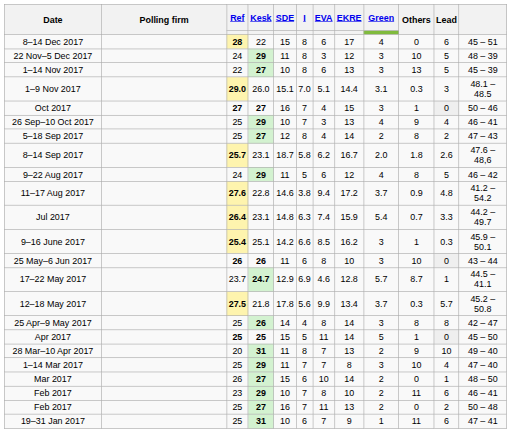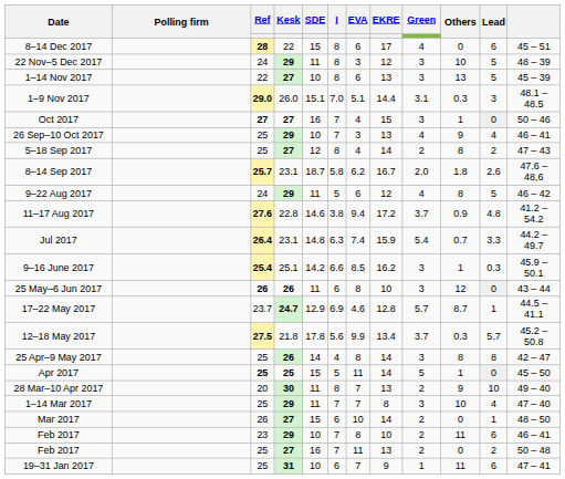 <table class="wikitable" style="text-align:center; font-size:90%; line-height:16px;">
 <tr style="height:42px;">
 <th style="width:150px;" rowspan="2">Date</th>
 <th style="width:195px;" rowspan="2">Polling firm</th>
 <th><a href='#'><span>Ref</span></a></th>
 <th><a href='#'><span>Kesk</span></a></th>
 <th><a href='#'><span>SDE</span></a></th>
 <th><a href='#'><span>I</span></a></th>
 <th><a href='#'><span>EVA</span></a></th>
 <th><a href='#'><span>EKRE</span></a></th>
 <th><a href='#'><span>Green</span></a></th>
 <th style="width:50px;" rowspan="2">Others</th>
 <th style="width:20px;" rowspan="2">Lead</th>
 <th style="width:70px;" rowspan="2"></th>
 </tr>
 <tr>
 <th style="background:"></th>
 <th style="background:"></th>
 <th style="background:"></th>
 <th style="background:"></th>
 <th style="background:"></th>
 <th style="background:"></th>
 <th style="background:#80BB3D; width:50px;"></th>
 </tr>
 <tr>
 <td>8–14 Dec 2017</td>
 <td></td>
 <td style="background:#FEF4AE"><strong>28</strong></td>
 <td>22</td>
 <td>15</td>
 <td>8</td>
 <td>6</td>
 <td>17</td>
 <td>4</td>
 <td>0</td>
 <td style="background:">6</td>
 <td>45 – 51</td>
 </tr>
 <tr>
 <td>22 Nov–5 Dec 2017</td>
 <td></td>
 <td>24</td>
 <td style="background:#D3F2D0;"><strong>29</strong></td>
 <td>11</td>
 <td>8</td>
 <td>3</td>
 <td>12</td>
 <td>3</td>
 <td>10</td>
 <td style="background:">5</td>
 <td>48 – 39</td>
 </tr>
 <tr>
 <td>1–14 Nov 2017</td>
 <td></td>
 <td>22</td>
 <td style="background:#D3F2D0;"><strong>27</strong></td>
 <td>10</td>
 <td>8</td>
 <td>6</td>
 <td>13</td>
 <td>3</td>
 <td>13</td>
 <td style="background:">5</td>
 <td>45 – 39</td>
 </tr>
 <tr>
 <td>1–9 Nov 2017</td>
 <td></td>
 <td style="background:#FEF4AE"><strong>29.0</strong></td>
 <td>26.0</td>
 <td>15.1</td>
 <td>7.0</td>
 <td>5.1</td>
 <td>14.4</td>
 <td>3.1</td>
 <td>0.3</td>
 <td style="background:">3</td>
 <td>48.1 – 48.5</td>
 </tr>
 <tr>
 <td>Oct 2017</td>
 <td></td>
 <td><strong>27</strong></td>
 <td><strong>27</strong></td>
 <td>16</td>
 <td>7</td>
 <td>4</td>
 <td>15</td>
 <td>3</td>
 <td>1</td>
 <td style="background:#EFEFEF;">0</td>
 <td>50 – 46</td>
 </tr>
 <tr>
 <td>26 Sep–10 Oct 2017</td>
 <td></td>
 <td>25</td>
 <td style="background:#D3F2D0;"><strong>29</strong></td>
 <td>10</td>
 <td>7</td>
 <td>3</td>
 <td>13</td>
 <td>4</td>
 <td>9</td>
 <td style="background:">4</td>
 <td>46 – 41</td>
 </tr>
 <tr>
 <td>5–18 Sep 2017</td>
 <td></td>
 <td>25</td>
 <td style="background:#D3F2D0;"><strong>27</strong></td>
 <td>12</td>
 <td>8</td>
 <td>4</td>
 <td>14</td>
 <td>2</td>
 <td>8</td>
 <td style="background:">2</td>
 <td>47 – 43</td>
 </tr>
 <tr>
 <td>8–14 Sep 2017</td>
 <td></td>
 <td style="background:#FEF4AE"><strong>25.7</strong></td>
 <td>23.1</td>
 <td>18.7</td>
 <td>5.8</td>
 <td>6.2</td>
 <td>16.7</td>
 <td>2.0</td>
 <td>1.8</td>
 <td style="background:">2.6</td>
 <td>47.6 – 48,6</td>
 </tr>
 <tr>
 <td>9–22 Aug 2017</td>
 <td></td>
 <td>24</td>
 <td style="background:#D3F2D0;"><strong>29</strong></td>
 <td>11</td>
 <td>5</td>
 <td>6</td>
 <td>12</td>
 <td>4</td>
 <td>8</td>
 <td style="background:">5</td>
 <td>46 – 42</td>
 </tr>
 <tr>
 <td>11–17 Aug 2017</td>
 <td></td>
 <td style="background:#FEF4AE"><strong>27.6</strong></td>
 <td>22.8</td>
 <td>14.6</td>
 <td>3.8</td>
 <td>9.4</td>
 <td>17.2</td>
 <td>3.7</td>
 <td>0.9</td>
 <td style="background:">4.8</td>
 <td>41.2 – 54.2</td>
 </tr>
 <tr>
 <td>Jul 2017</td>
 <td></td>
 <td style="background:#FEF4AE"><strong>26.4</strong></td>
 <td>23.1</td>
 <td>14.8</td>
 <td>6.3</td>
 <td>7.4</td>
 <td>15.9</td>
 <td>5.4</td>
 <td>0.7</td>
 <td style="background:">3.3</td>
 <td>44.2 – 49.7</td>
 </tr>
 <tr>
 <td>9–16 June 2017</td>
 <td></td>
 <td style="background:#FEF4AE"><strong>25.4</strong></td>
 <td>25.1</td>
 <td>14.2</td>
 <td>6.6</td>
 <td>8.5</td>
 <td>16.2</td>
 <td>3</td>
 <td>1</td>
 <td style="background:">0.3</td>
 <td>45.9 – 50.1</td>
 </tr>
 <tr>
 <td>25 May–6 Jun 2017</td>
 <td></td>
 <td><strong>26</strong></td>
 <td><strong>26</strong></td>
 <td>11</td>
 <td>6</td>
 <td>8</td>
 <td>10</td>
 <td>3</td>
-<td>10</td>
+<td>12</td>
 <td style="background:#EFEFEF;">0</td>
 <td>43 – 44</td>
 </tr>
 <tr>
 <td>17–22 May 2017</td>
 <td></td>
 <td>23.7</td>
 <td style="background:#D3F2D0;"><strong>24.7</strong></td>
 <td>12.9</td>
 <td>6.9</td>
 <td>4.6</td>
 <td>12.8</td>
 <td>5.7</td>
 <td>8.7</td>
 <td style="background:">1</td>
 <td>44.5 – 41.1</td>
 </tr>
 <tr>
 <td>12–18 May 2017</td>
 <td></td>
 <td style="background:#FEF4AE"><strong>27.5</strong></td>
 <td>21.8</td>
 <td>17.8</td>
 <td>5.6</td>
 <td>9.9</td>
 <td>13.4</td>
 <td>3.7</td>
 <td>0.3</td>
 <td style="background:">5.7</td>
 <td>45.2 – 50.8</td>
 </tr>
 <tr>
 <td>25 Apr–9 May 2017</td>
 <td></td>
 <td>25</td>
 <td style="background:#D3F2D0;"><strong>26</strong></td>
 <td>14</td>
 <td>4</td>
 <td>8</td>
 <td>14</td>
 <td>3</td>
 <td>8</td>
 <td style="background:">8</td>
 <td>42 – 47</td>
 </tr>
 <tr>
 <td>Apr 2017</td>
 <td></td>
 <td><strong>25</strong></td>
 <td><strong>25</strong></td>
 <td>15</td>
 <td>5</td>
 <td>11</td>
 <td>14</td>
 <td>5</td>
 <td>1</td>
 <td style="background:#EFEFEF;">0</td>
 <td>45 – 50</td>
 </tr>
 <tr>
 <td>28 Mar–10 Apr 2017</td>
 <td></td>
 <td>20</td>
-<td style="background:#D3F2D0;"><strong>31</strong></td>
+<td style="background:#D3F2D0;"><strong>30</strong></td>
 <td>11</td>
 <td>8</td>
 <td>7</td>
 <td>13</td>
 <td>2</td>
 <td>9</td>
 <td style="background:">10</td>
 <td>49 – 40</td>
 </tr>
 <tr>
 <td>1–14 Mar 2017</td>
 <td></td>
 <td>25</td>
 <td style="background:#D3F2D0;"><strong>29</strong></td>
 <td>11</td>
 <td>7</td>
 <td>7</td>
 <td>8</td>
 <td>3</td>
 <td>10</td>
 <td style="background:">4</td>
 <td>47 – 40</td>
 </tr>
 <tr>
 <td>Mar 2017</td>
 <td></td>
 <td>26</td>
 <td style="background:#D3F2D0;"><strong>27</strong></td>
 <td>15</td>
 <td>6</td>
 <td>10</td>
 <td>14</td>
 <td>2</td>
 <td>0</td>
 <td style="background:">1</td>
 <td>48 – 50</td>
 </tr>
 <tr>
 <td>Feb 2017</td>
 <td></td>
 <td>23</td>
 <td style="background:#D3F2D0;"><strong>29</strong></td>
 <td>10</td>
 <td>7</td>
 <td>8</td>
 <td>10</td>
 <td>2</td>
 <td>11</td>
 <td style="background:">6</td>
 <td>46 – 41</td>
 </tr>
 <tr>
 <td>Feb 2017</td>
 <td></td>
 <td>25</td>
 <td style="background:#D3F2D0;"><strong>27</strong></td>
 <td>16</td>
 <td>7</td>
 <td>11</td>
 <td>13</td>
 <td>2</td>
 <td>0</td>
 <td style="background:">2</td>
 <td>50 – 48</td>
 </tr>
 <tr>
 <td>19–31 Jan 2017</td>
 <td></td>
 <td>25</td>
 <td style="background:#D3F2D0;"><strong>31</strong></td>
 <td>10</td>
 <td>6</td>
 <td>7</td>
 <td>9</td>
 <td>1</td>
 <td>11</td>
 <td style="background:">6</td>
 <td>47 – 41</td>
 </tr>
 </table>
